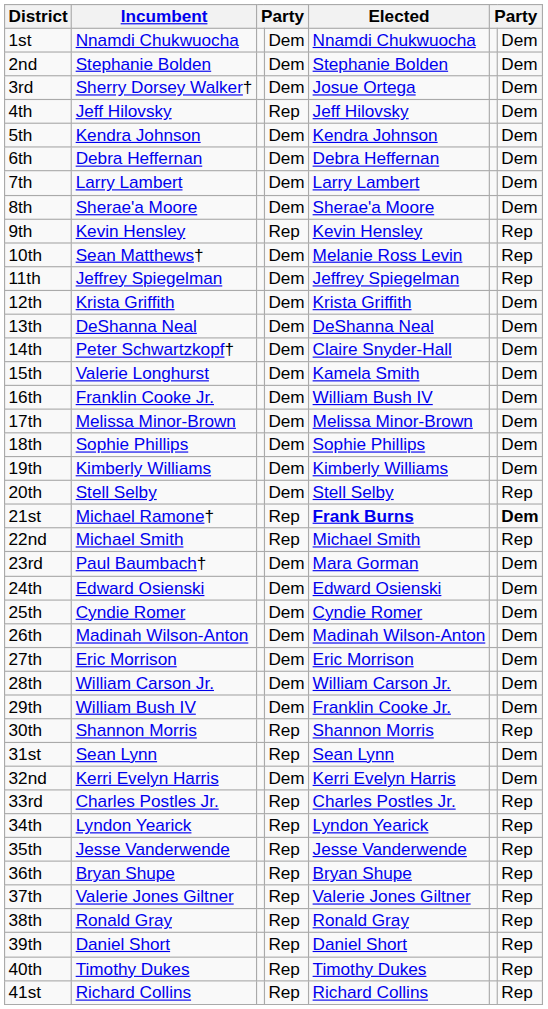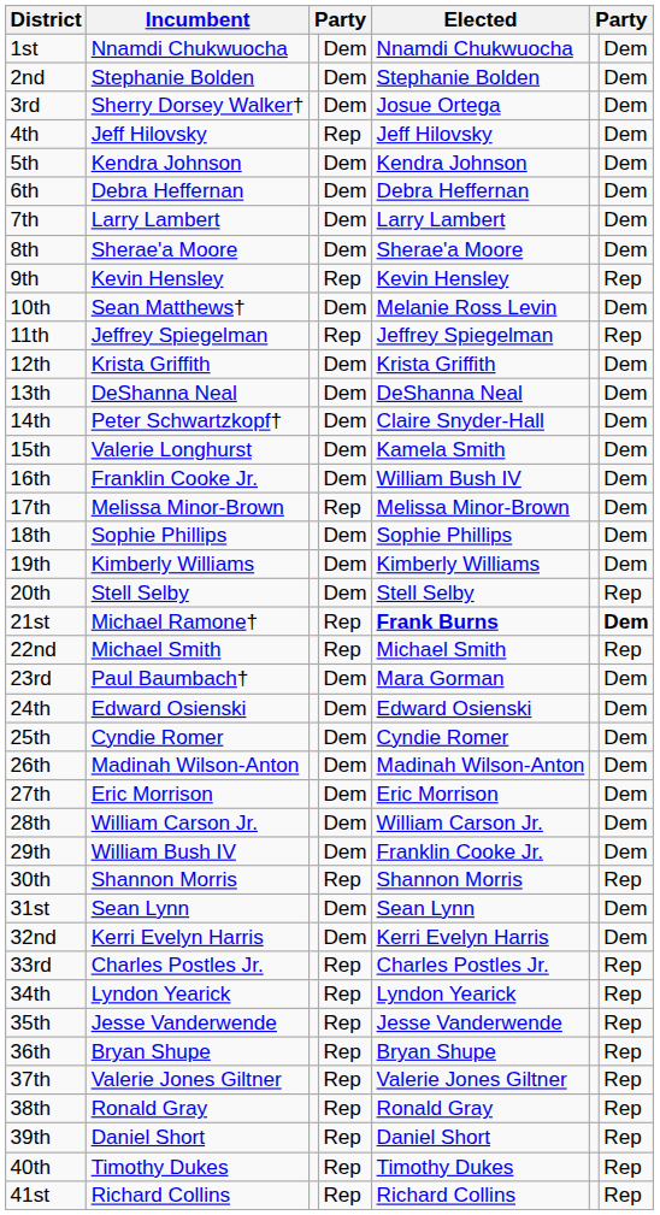 <table class="sortable wikitable" style="font-size:95%;line-height:14px;">
 <tr>
 <th class=>District</th>
 <th class="unsortable"><a href='#'>Incumbent</a></th>
 <th colspan="2">Party</th>
 <th class="unsortable">Elected</th>
 <th colspan="2">Party</th>
 </tr>
 <tr>
 <td>1st</td>
 <td><a href='#'>Nnamdi Chukwuocha</a></td>
 <td style="background:"></td>
 <td>Dem</td>
 <td><a href='#'>Nnamdi Chukwuocha</a></td>
 <td style="background:"></td>
 <td>Dem</td>
 </tr>
 <tr>
 <td>2nd</td>
 <td><a href='#'>Stephanie Bolden</a></td>
 <td style="background:"></td>
 <td>Dem</td>
 <td><a href='#'>Stephanie Bolden</a></td>
 <td style="background:"></td>
 <td>Dem</td>
 </tr>
 <tr>
 <td>3rd</td>
 <td><a href='#'>Sherry Dorsey Walker</a>†</td>
 <td style="background:"></td>
 <td>Dem</td>
 <td><a href='#'>Josue Ortega</a></td>
 <td style="background:"></td>
 <td>Dem</td>
 </tr>
 <tr>
 <td>4th</td>
 <td><a href='#'>Jeff Hilovsky</a></td>
 <td style="background:"></td>
 <td>Rep</td>
 <td><a href='#'>Jeff Hilovsky</a></td>
 <td style="background:"></td>
 <td>Dem</td>
 </tr>
 <tr>
 <td>5th</td>
 <td><a href='#'>Kendra Johnson</a></td>
 <td style="background:"></td>
 <td>Dem</td>
 <td><a href='#'>Kendra Johnson</a></td>
 <td style="background:"></td>
 <td>Dem</td>
 </tr>
 <tr>
 <td>6th</td>
 <td><a href='#'>Debra Heffernan</a></td>
 <td style="background:"></td>
 <td>Dem</td>
 <td><a href='#'>Debra Heffernan</a></td>
 <td style="background:"></td>
 <td>Dem</td>
 </tr>
 <tr>
 <td>7th</td>
 <td><a href='#'>Larry Lambert</a></td>
 <td style="background:"></td>
 <td>Dem</td>
 <td><a href='#'>Larry Lambert</a></td>
 <td style="background:"></td>
 <td>Dem</td>
 </tr>
 <tr>
 <td>8th</td>
 <td><a href='#'>Sherae'a Moore</a></td>
 <td style="background:"></td>
 <td>Dem</td>
 <td><a href='#'>Sherae'a Moore</a></td>
 <td style="background:"></td>
 <td>Dem</td>
 </tr>
 <tr>
 <td>9th</td>
 <td><a href='#'>Kevin Hensley</a></td>
 <td style="background:"></td>
 <td>Rep</td>
 <td><a href='#'>Kevin Hensley</a></td>
 <td style="background:"></td>
 <td>Rep</td>
 </tr>
 <tr>
 <td>10th</td>
 <td><a href='#'>Sean Matthews</a>†</td>
 <td style="background:"></td>
 <td>Dem</td>
 <td><a href='#'>Melanie Ross Levin</a></td>
 <td style="background:"></td>
-<td>Rep</td>
+<td>Dem</td>
 </tr>
 <tr>
 <td>11th</td>
 <td><a href='#'>Jeffrey Spiegelman</a></td>
 <td style="background:"></td>
-<td>Dem</td>
+<td>Rep</td>
 <td><a href='#'>Jeffrey Spiegelman</a></td>
 <td style="background:"></td>
 <td>Rep</td>
 </tr>
 <tr>
 <td>12th</td>
 <td><a href='#'>Krista Griffith</a></td>
 <td style="background:"></td>
 <td>Dem</td>
 <td><a href='#'>Krista Griffith</a></td>
 <td style="background:"></td>
 <td>Dem</td>
 </tr>
 <tr>
 <td>13th</td>
 <td><a href='#'>DeShanna Neal</a></td>
 <td style="background:"></td>
 <td>Dem</td>
 <td><a href='#'>DeShanna Neal</a></td>
 <td style="background:"></td>
 <td>Dem</td>
 </tr>
 <tr>
 <td>14th</td>
 <td><a href='#'>Peter Schwartzkopf</a>†</td>
 <td style="background:"></td>
 <td>Dem</td>
 <td><a href='#'>Claire Snyder-Hall</a></td>
 <td style="background:"></td>
 <td>Dem</td>
 </tr>
 <tr>
 <td>15th</td>
 <td><a href='#'>Valerie Longhurst</a></td>
 <td style="background:"></td>
 <td>Dem</td>
 <td><a href='#'>Kamela Smith</a></td>
 <td style="background:"></td>
 <td>Dem</td>
 </tr>
 <tr>
 <td>16th</td>
 <td><a href='#'>Franklin Cooke Jr.</a></td>
 <td style="background:"></td>
 <td>Dem</td>
 <td><a href='#'>William Bush IV</a></td>
 <td style="background:"></td>
 <td>Dem</td>
 </tr>
 <tr>
 <td>17th</td>
 <td><a href='#'>Melissa Minor-Brown</a></td>
 <td style="background:"></td>
-<td>Dem</td>
+<td>Rep</td>
 <td><a href='#'>Melissa Minor-Brown</a></td>
 <td style="background:"></td>
 <td>Dem</td>
 </tr>
 <tr>
 <td>18th</td>
 <td><a href='#'>Sophie Phillips</a></td>
 <td style="background:"></td>
 <td>Dem</td>
 <td><a href='#'>Sophie Phillips</a></td>
 <td style="background:"></td>
 <td>Dem</td>
 </tr>
 <tr>
 <td>19th</td>
 <td><a href='#'>Kimberly Williams</a></td>
 <td style="background:"></td>
 <td>Dem</td>
 <td><a href='#'>Kimberly Williams</a></td>
 <td style="background:"></td>
 <td>Dem</td>
 </tr>
 <tr>
 <td>20th</td>
 <td><a href='#'>Stell Selby</a></td>
 <td style="background:"></td>
 <td>Dem</td>
 <td><a href='#'>Stell Selby</a></td>
 <td style="background:"></td>
 <td>Rep</td>
 </tr>
 <tr>
 <td>21st</td>
 <td><a href='#'>Michael Ramone</a>†</td>
 <td style="background:"></td>
 <td>Rep</td>
 <td><strong><a href='#'>Frank Burns</a></strong></td>
 <td style="background:"></td>
 <td><strong>Dem</strong></td>
 </tr>
 <tr>
 <td>22nd</td>
 <td><a href='#'>Michael Smith</a></td>
 <td style="background:"></td>
 <td>Rep</td>
 <td><a href='#'>Michael Smith</a></td>
 <td style="background:"></td>
 <td>Rep</td>
 </tr>
 <tr>
 <td>23rd</td>
 <td><a href='#'>Paul Baumbach</a>†</td>
 <td style="background:"></td>
 <td>Dem</td>
 <td><a href='#'>Mara Gorman</a></td>
 <td style="background:"></td>
 <td>Dem</td>
 </tr>
 <tr>
 <td>24th</td>
 <td><a href='#'>Edward Osienski</a></td>
 <td style="background:"></td>
 <td>Dem</td>
 <td><a href='#'>Edward Osienski</a></td>
 <td style="background:"></td>
 <td>Dem</td>
 </tr>
 <tr>
 <td>25th</td>
 <td><a href='#'>Cyndie Romer</a></td>
 <td style="background:"></td>
 <td>Dem</td>
 <td><a href='#'>Cyndie Romer</a></td>
 <td style="background:"></td>
 <td>Dem</td>
 </tr>
 <tr>
 <td>26th</td>
 <td><a href='#'>Madinah Wilson-Anton</a></td>
 <td style="background:"></td>
 <td>Dem</td>
 <td><a href='#'>Madinah Wilson-Anton</a></td>
 <td style="background:"></td>
 <td>Dem</td>
 </tr>
 <tr>
 <td>27th</td>
 <td><a href='#'>Eric Morrison</a></td>
 <td style="background:"></td>
 <td>Dem</td>
 <td><a href='#'>Eric Morrison</a></td>
 <td style="background:"></td>
 <td>Dem</td>
 </tr>
 <tr>
 <td>28th</td>
 <td><a href='#'>William Carson Jr.</a></td>
 <td style="background:"></td>
 <td>Dem</td>
 <td><a href='#'>William Carson Jr.</a></td>
 <td style="background:"></td>
 <td>Dem</td>
 </tr>
 <tr>
 <td>29th</td>
 <td><a href='#'>William Bush IV</a></td>
 <td style="background:"></td>
 <td>Dem</td>
 <td><a href='#'>Franklin Cooke Jr.</a></td>
 <td style="background:"></td>
 <td>Dem</td>
 </tr>
 <tr>
 <td>30th</td>
 <td><a href='#'>Shannon Morris</a></td>
 <td style="background:"></td>
 <td>Rep</td>
 <td><a href='#'>Shannon Morris</a></td>
 <td style="background:"></td>
 <td>Rep</td>
 </tr>
 <tr>
 <td>31st</td>
 <td><a href='#'>Sean Lynn</a></td>
 <td style="background:"></td>
-<td>Rep</td>
+<td>Dem</td>
 <td><a href='#'>Sean Lynn</a></td>
 <td style="background:"></td>
 <td>Dem</td>
 </tr>
 <tr>
 <td>32nd</td>
 <td><a href='#'>Kerri Evelyn Harris</a></td>
 <td style="background:"></td>
 <td>Dem</td>
 <td><a href='#'>Kerri Evelyn Harris</a></td>
 <td style="background:"></td>
 <td>Dem</td>
 </tr>
 <tr>
 <td>33rd</td>
 <td><a href='#'>Charles Postles Jr.</a></td>
 <td style="background:"></td>
 <td>Rep</td>
 <td><a href='#'>Charles Postles Jr.</a></td>
 <td style="background:"></td>
 <td>Rep</td>
 </tr>
 <tr>
 <td>34th</td>
 <td><a href='#'>Lyndon Yearick</a></td>
 <td style="background:"></td>
 <td>Rep</td>
 <td><a href='#'>Lyndon Yearick</a></td>
 <td style="background:"></td>
 <td>Rep</td>
 </tr>
 <tr>
 <td>35th</td>
 <td><a href='#'>Jesse Vanderwende</a></td>
 <td style="background:"></td>
 <td>Rep</td>
 <td><a href='#'>Jesse Vanderwende</a></td>
 <td style="background:"></td>
 <td>Rep</td>
 </tr>
 <tr>
 <td>36th</td>
 <td><a href='#'>Bryan Shupe</a></td>
 <td style="background:"></td>
 <td>Rep</td>
 <td><a href='#'>Bryan Shupe</a></td>
 <td style="background:"></td>
 <td>Rep</td>
 </tr>
 <tr>
 <td>37th</td>
 <td><a href='#'>Valerie Jones Giltner</a></td>
 <td style="background:"></td>
 <td>Rep</td>
 <td><a href='#'>Valerie Jones Giltner</a></td>
 <td style="background:"></td>
 <td>Rep</td>
 </tr>
 <tr>
 <td>38th</td>
 <td><a href='#'>Ronald Gray</a></td>
 <td style="background:"></td>
 <td>Rep</td>
 <td><a href='#'>Ronald Gray</a></td>
 <td style="background:"></td>
 <td>Rep</td>
 </tr>
 <tr>
 <td>39th</td>
 <td><a href='#'>Daniel Short</a></td>
 <td style="background:"></td>
 <td>Rep</td>
 <td><a href='#'>Daniel Short</a></td>
 <td style="background:"></td>
 <td>Rep</td>
 </tr>
 <tr>
 <td>40th</td>
 <td><a href='#'>Timothy Dukes</a></td>
 <td style="background:"></td>
 <td>Rep</td>
 <td><a href='#'>Timothy Dukes</a></td>
 <td style="background:"></td>
 <td>Rep</td>
 </tr>
 <tr>
 <td>41st</td>
 <td><a href='#'>Richard Collins</a></td>
 <td style="background:"></td>
 <td>Rep</td>
 <td><a href='#'>Richard Collins</a></td>
 <td style="background:"></td>
 <td>Rep</td>
 </tr>
 <tr>
 </tr>
 </table>
